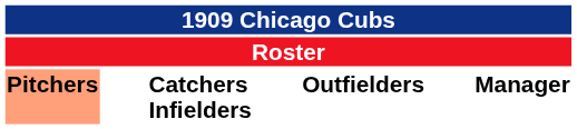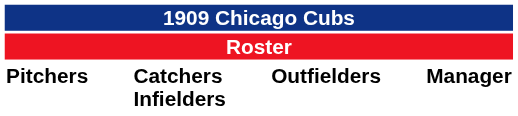 <table class="toccolours" style="font-size: 95%;">
 <tr>
 <th colspan="10" style="background-color: #0e3386; color: white; text-align: center;">1909 Chicago Cubs</th>
 </tr>
 <tr>
 <td colspan="10" style="background-color: #EE1422; color: white; text-align: center;"><strong>Roster</strong></td>
 </tr>
 <tr>
-<td valign="top" style="background: lightsalmon;"><strong>Pitchers</strong><br>             </td>
+<td valign="top"><strong>Pitchers</strong><br>             </td>
 <td width="25px"></td>
 <td valign="top"><strong>Catchers</strong><br>   <strong>Infielders</strong>       </td>
 <td width="25px"></td>
 <td valign="top"><strong>Outfielders</strong><br>      </td>
 <td width="25px"></td>
 <td valign="top"><strong>Manager</strong><br></td>
 </tr>
 </table>
